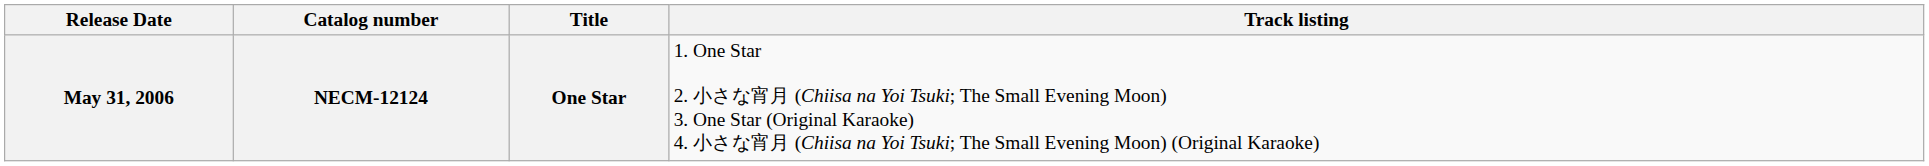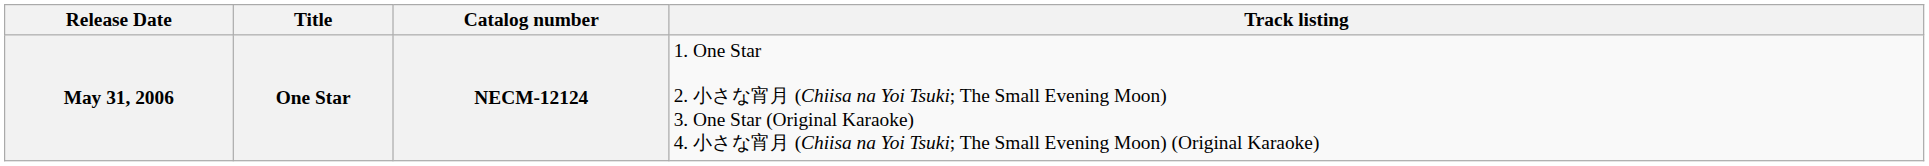 <table class="wikitable" width="80%">
 <tr>
 <th align="left">Release Date</th>
+<th align="left">Title</th>
 <th align="left">Catalog number</th>
-<th align="left">Title</th>
 <th align="left">Track listing</th>
 </tr>
 <tr>
 <th align="left">May 31, 2006</th>
+<th align="left">One Star</th>
 <th align="left">NECM-12124</th>
-<th align="left">One Star</th>
 <td align="left">1. One Star<br><br>2. 小さな宵月 (<em>Chiisa na Yoi Tsuki</em>; The Small Evening Moon)<br> 3. One Star (Original Karaoke)<br> 4. 小さな宵月 (<em>Chiisa na Yoi Tsuki</em>; The Small Evening Moon) (Original Karaoke)</td>
 </tr>
 </table>
